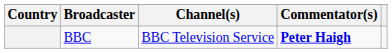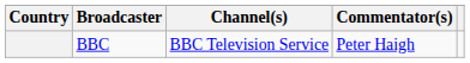 <table class="wikitable plainrowheaders">
 <tr>
 </tr>
 <tr>
 <th scope="col">Country</th>
 <th scope="col">Broadcaster</th>
 <th scope="col">Channel(s)</th>
 <th scope="col">Commentator(s)</th>
 <th scope="col"></th>
 </tr>
 <tr>
 <th scope="row"></th>
 <td><a href='#'>BBC</a></td>
 <td><a href='#'>BBC Television Service</a></td>
-<td><strong><a href='#'>Peter Haigh</a></strong></td>
+<td><a href='#'>Peter Haigh</a></td>
 <td style="text-align:center"></td>
 </tr>
 </table>
